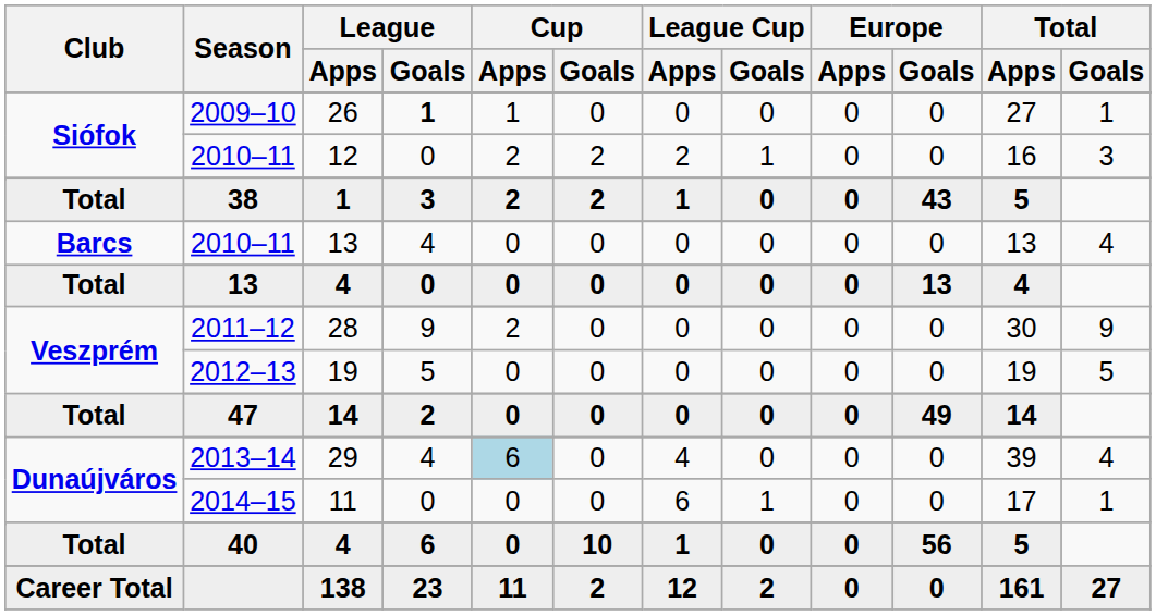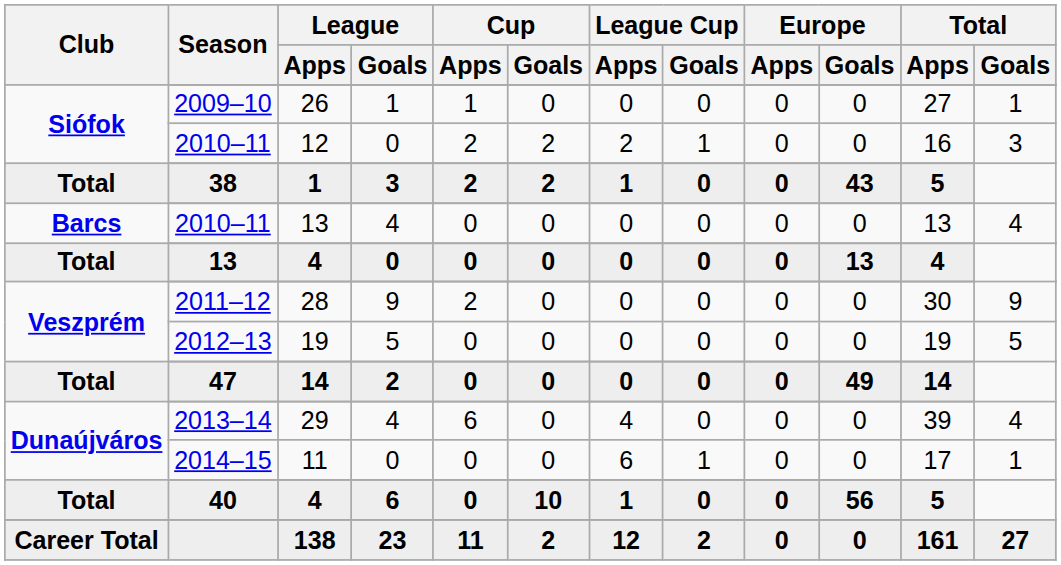 <table class="wikitable" style="font-size:90%; text-align: center;">
 <tr>
 <th rowspan="2">Club</th>
 <th rowspan="2">Season</th>
 <th colspan="2">League</th>
 <th colspan="2">Cup</th>
 <th colspan="2">League Cup</th>
 <th colspan="2">Europe</th>
 <th colspan="2">Total</th>
 </tr>
 <tr>
 <th>Apps</th>
 <th>Goals</th>
 <th>Apps</th>
 <th>Goals</th>
 <th>Apps</th>
 <th>Goals</th>
 <th>Apps</th>
 <th>Goals</th>
 <th>Apps</th>
 <th>Goals</th>
 </tr>
 <tr ||-||-||-|->
 <td rowspan="4" valign="center"><strong><a href='#'>Siófok</a></strong></td>
 </tr>
 <tr>
 <td><a href='#'>2009–10</a></td>
 <td>26</td>
-<td><strong>1</strong></td>
+<td>1</td>
 <td>1</td>
 <td>0</td>
 <td>0</td>
 <td>0</td>
 <td>0</td>
 <td>0</td>
 <td>27</td>
 <td>1</td>
 </tr>
 <tr>
 <td><a href='#'>2010–11</a></td>
 <td>12</td>
 <td>0</td>
 <td>2</td>
 <td>2</td>
 <td>2</td>
 <td>1</td>
 <td>0</td>
 <td>0</td>
 <td>16</td>
 <td>3</td>
 </tr>
 <tr>
 </tr>
 <tr style="font-weight:bold; background-color:#eeeeee;">
 <td>Total</td>
 <td>38</td>
 <td>1</td>
 <td>3</td>
 <td>2</td>
 <td>2</td>
 <td>1</td>
 <td>0</td>
 <td>0</td>
 <td>43</td>
 <td>5</td>
 </tr>
 <tr>
 <td rowspan="3" valign="center"><strong><a href='#'>Barcs</a></strong></td>
 </tr>
 <tr>
 <td><a href='#'>2010–11</a></td>
 <td>13</td>
 <td>4</td>
 <td>0</td>
 <td>0</td>
 <td>0</td>
 <td>0</td>
 <td>0</td>
 <td>0</td>
 <td>13</td>
 <td>4</td>
 </tr>
 <tr>
 </tr>
 <tr style="font-weight:bold; background-color:#eeeeee;">
 <td>Total</td>
 <td>13</td>
 <td>4</td>
 <td>0</td>
 <td>0</td>
 <td>0</td>
 <td>0</td>
 <td>0</td>
 <td>0</td>
 <td>13</td>
 <td>4</td>
 </tr>
 <tr>
 <td rowspan="4" valign="center"><strong><a href='#'>Veszprém</a></strong></td>
 </tr>
 <tr>
 <td><a href='#'>2011–12</a></td>
 <td>28</td>
 <td>9</td>
 <td>2</td>
 <td>0</td>
 <td>0</td>
 <td>0</td>
 <td>0</td>
 <td>0</td>
 <td>30</td>
 <td>9</td>
 </tr>
 <tr>
 <td><a href='#'>2012–13</a></td>
 <td>19</td>
 <td>5</td>
 <td>0</td>
 <td>0</td>
 <td>0</td>
 <td>0</td>
 <td>0</td>
 <td>0</td>
 <td>19</td>
 <td>5</td>
 </tr>
 <tr>
 </tr>
 <tr style="font-weight:bold; background-color:#eeeeee;">
 <td>Total</td>
 <td>47</td>
 <td>14</td>
 <td>2</td>
 <td>0</td>
 <td>0</td>
 <td>0</td>
 <td>0</td>
 <td>0</td>
 <td>49</td>
 <td>14</td>
 </tr>
 <tr>
 <td rowspan="4" valign="center"><strong><a href='#'>Dunaújváros</a></strong></td>
 </tr>
 <tr>
 <td><a href='#'>2013–14</a></td>
 <td>29</td>
 <td>4</td>
-<td style="background: lightblue;">6</td>
+<td>6</td>
 <td>0</td>
 <td>4</td>
 <td>0</td>
 <td>0</td>
 <td>0</td>
 <td>39</td>
 <td>4</td>
 </tr>
 <tr>
 <td><a href='#'>2014–15</a></td>
 <td>11</td>
 <td>0</td>
 <td>0</td>
 <td>0</td>
 <td>6</td>
 <td>1</td>
 <td>0</td>
 <td>0</td>
 <td>17</td>
 <td>1</td>
 </tr>
 <tr>
 </tr>
 <tr style="font-weight:bold; background-color:#eeeeee;">
 <td>Total</td>
 <td>40</td>
 <td>4</td>
 <td>6</td>
 <td>0</td>
 <td>10</td>
 <td>1</td>
 <td>0</td>
 <td>0</td>
 <td>56</td>
 <td>5</td>
 </tr>
 <tr>
 </tr>
 <tr style="font-weight:bold; background-color:#eeeeee;">
 <td rowspan="2" valign="top"><strong>Career Total</strong></td>
 <td></td>
 <td><strong>138</strong></td>
 <td><strong>23</strong></td>
 <td><strong>11</strong></td>
 <td><strong>2</strong></td>
 <td><strong>12</strong></td>
 <td><strong>2</strong></td>
 <td><strong>0</strong></td>
 <td><strong>0</strong></td>
 <td><strong>161</strong></td>
 <td><strong>27</strong></td>
 </tr>
 </table>
